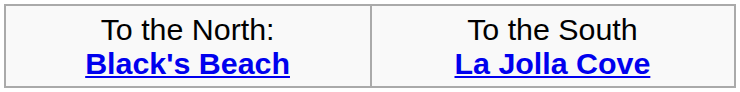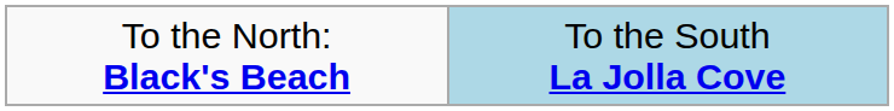 <table class="wikitable" style="margin: 0.5em auto; clear: both; font-size:95%;">
 <tr style="text-align: center;">
 </tr>
 <tr style="text-align: center;">
 <td width="30%" align="center" rowspan="1">To the North:<br><strong><a href='#'>Black's Beach</a></strong><br></td>
-<td width="30%" align="center" rowspan="1">To the South<br><strong><a href='#'>La Jolla Cove</a></strong></td>
+<td width="30%" align="center" rowspan="1" style="background: lightblue;">To the South<br><strong><a href='#'>La Jolla Cove</a></strong></td>
 </tr>
 </table>
